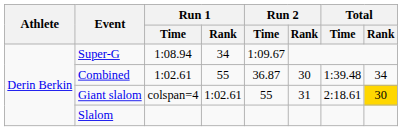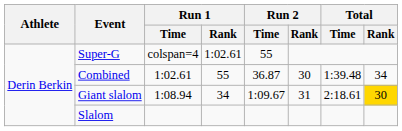 <table class="wikitable" style="font-size:90%">
 <tr>
 <th rowspan=2>Athlete</th>
 <th rowspan=2>Event</th>
 <th colspan=2>Run 1</th>
 <th colspan=2>Run 2</th>
 <th colspan=2>Total</th>
 </tr>
 <tr style="font-size:95%">
 <th>Time</th>
 <th>Rank</th>
 <th>Time</th>
 <th>Rank</th>
 <th>Time</th>
 <th>Rank</th>
 </tr>
 <tr align=center>
 <td align="left" rowspan="4"><a href='#'>Derin Berkin</a></td>
 <td align="left"><a href='#'>Super-G</a></td>
-<td>1:08.94</td>
-<td>34</td>
-<td>1:09.67</td>
+<td>colspan=4</td>
+<td>1:02.61</td>
+<td>55</td>
 </tr>
 <tr align=center>
 <td align="left"><a href='#'>Combined</a></td>
 <td>1:02.61</td>
 <td>55</td>
 <td>36.87</td>
 <td>30</td>
 <td>1:39.48</td>
 <td>34</td>
 </tr>
 <tr align=center>
 <td align="left"><a href='#'>Giant slalom</a></td>
-<td>colspan=4</td>
-<td>1:02.61</td>
-<td>55</td>
+<td>1:08.94</td>
+<td>34</td>
+<td>1:09.67</td>
 <td>31</td>
 <td>2:18.61</td>
 <td style="background: gold;">30</td>
 </tr>
 <tr align=center>
 <td align="left"><a href='#'>Slalom</a></td>
 <td></td>
 <td></td>
 <td></td>
 <td></td>
 <td></td>
 <td></td>
 </tr>
 </table>
